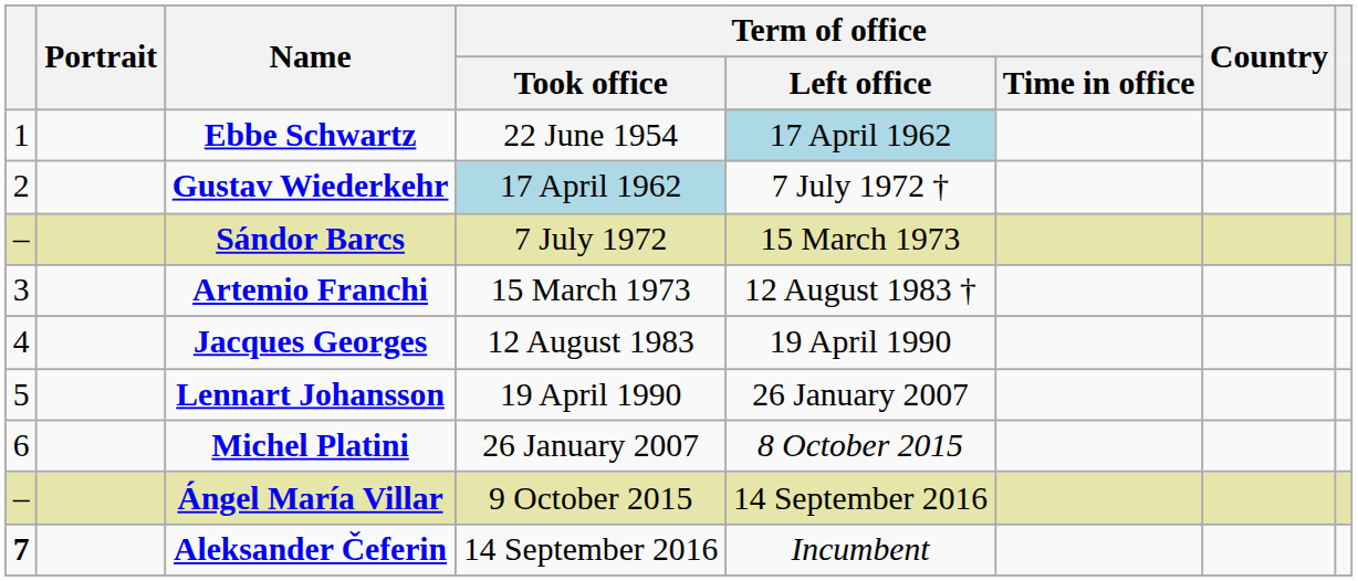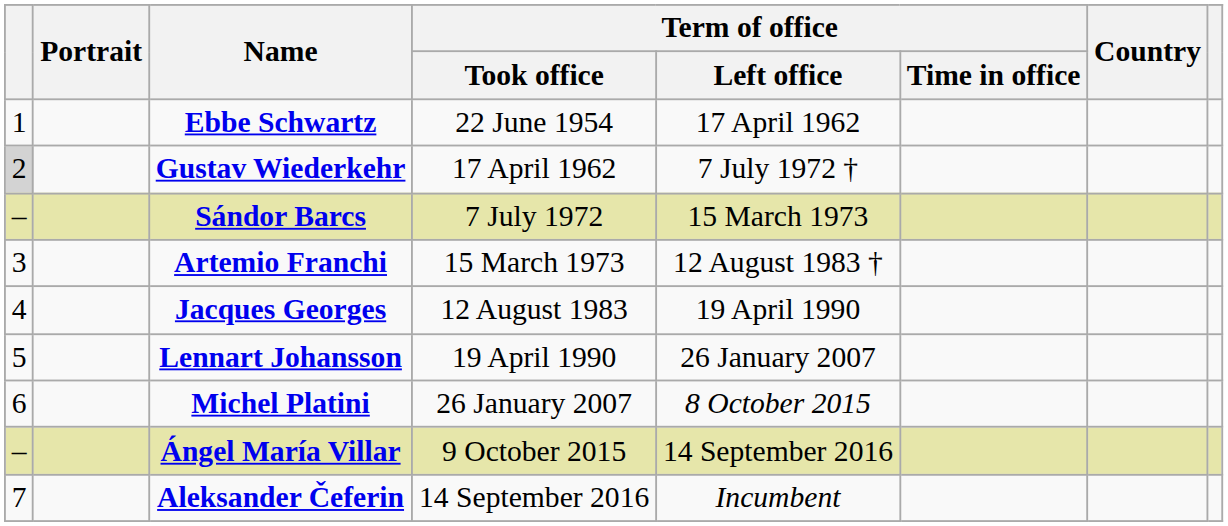 <table class="wikitable" style="text-align:center">
 <tr>
 <th rowspan=2></th>
 <th rowspan=2>Portrait</th>
 <th rowspan=2>Name<br></th>
 <th colspan=3>Term of office</th>
 <th rowspan="2">Country</th>
 <th rowspan="2"></th>
 </tr>
 <tr>
 <th>Took office</th>
 <th>Left office</th>
 <th>Time in office</th>
 </tr>
 <tr>
 <td>1</td>
 <td></td>
 <td><strong><a href='#'>Ebbe Schwartz</a></strong><br></td>
 <td>22 June 1954</td>
-<td style="background: lightblue;">17 April 1962</td>
+<td>17 April 1962</td>
 <td></td>
 <td></td>
 <td></td>
 </tr>
 <tr>
-<td>2</td>
+<td style="background: lightgrey;">2</td>
 <td></td>
 <td><strong><a href='#'>Gustav Wiederkehr</a></strong><br></td>
-<td style="background: lightblue;">17 April 1962</td>
+<td>17 April 1962</td>
 <td>7 July 1972 †</td>
 <td></td>
 <td></td>
 <td></td>
 </tr>
 <tr style="background:#e6e6aa;">
 <td>–</td>
 <td></td>
 <td><strong><a href='#'>Sándor Barcs</a></strong><br></td>
 <td>7 July 1972</td>
 <td>15 March 1973</td>
 <td></td>
 <td></td>
 <td></td>
 </tr>
 <tr>
 <td>3</td>
 <td></td>
 <td><strong><a href='#'>Artemio Franchi</a></strong><br></td>
 <td>15 March 1973</td>
 <td>12 August 1983 †</td>
 <td></td>
 <td></td>
 <td></td>
 </tr>
 <tr>
 <td>4</td>
 <td></td>
 <td><strong><a href='#'>Jacques Georges</a></strong><br></td>
 <td>12 August 1983</td>
 <td>19 April 1990</td>
 <td></td>
 <td></td>
 <td></td>
 </tr>
 <tr>
 <td>5</td>
 <td></td>
 <td><strong><a href='#'>Lennart Johansson</a></strong><br></td>
 <td>19 April 1990</td>
 <td>26 January 2007</td>
 <td></td>
 <td></td>
 <td></td>
 </tr>
 <tr>
 <td>6</td>
 <td></td>
 <td><strong><a href='#'>Michel Platini</a></strong><br></td>
 <td>26 January 2007</td>
 <td><em>8 October 2015</em></td>
 <td></td>
 <td></td>
 <td></td>
 </tr>
 <tr style="background:#e6e6aa;">
 <td>–</td>
 <td></td>
 <td><strong><a href='#'>Ángel María Villar</a></strong><br></td>
 <td>9 October 2015</td>
 <td>14 September 2016</td>
 <td></td>
 <td></td>
 <td></td>
 </tr>
 <tr>
-<td><strong>7</strong></td>
+<td>7</td>
 <td></td>
 <td><strong><a href='#'>Aleksander Čeferin</a></strong><br></td>
 <td>14 September 2016</td>
 <td><em>Incumbent</em></td>
 <td></td>
 <td></td>
 <td></td>
 </tr>
 </table>
